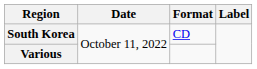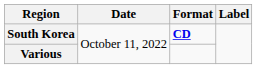 <table class="wikitable plainrowheaders">
 <tr>
 <th scope="col">Region</th>
 <th scope="col">Date</th>
 <th scope="col">Format</th>
 <th scope="col">Label</th>
 </tr>
 <tr>
 <th scope="row">South Korea</th>
 <td rowspan="2">October 11, 2022</td>
-<td><a href='#'>CD</a></td>
+<td><strong><a href='#'>CD</a></strong></td>
 <td rowspan="2"></td>
 </tr>
 <tr>
 <th scope="row">Various</th>
 <td></td>
 </tr>
 </table>
